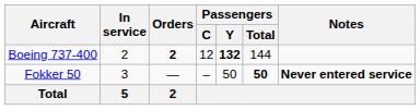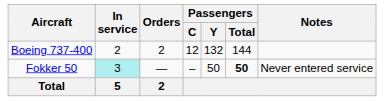 <table class="wikitable" style="margin:0.5em auto; text-align:center">
 <tr>
 <th rowspan=2>Aircraft</th>
 <th rowspan=2>In <br> service</th>
 <th rowspan=2>Orders</th>
 <th colspan=3>Passengers</th>
 <th rowspan=2>Notes</th>
 </tr>
 <tr>
 <th><abbr>C</abbr></th>
 <th><abbr>Y</abbr></th>
 <th>Total</th>
 </tr>
 <tr>
 <td><a href='#'>Boeing 737-400</a></td>
 <td>2</td>
-<td><strong>2</strong></td>
+<td>2</td>
 <td>12</td>
-<td><strong>132</strong></td>
+<td>132</td>
 <td>144</td>
 <td></td>
 </tr>
 <tr>
 <td><a href='#'>Fokker 50</a></td>
-<td>3</td>
+<td style="background: paleturquoise;">3</td>
 <td>—</td>
 <td>–</td>
 <td>50</td>
 <td><strong>50</strong></td>
-<td><strong>Never entered service</strong></td>
+<td>Never entered service</td>
 </tr>
 <tr>
 <th>Total</th>
 <th>5</th>
 <th>2</th>
 <th colspan=5></th>
 </tr>
 </table>
